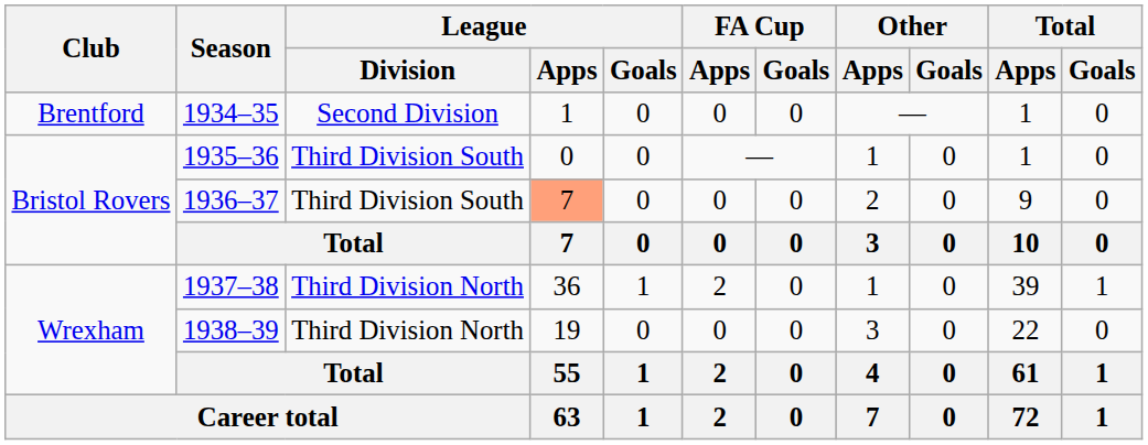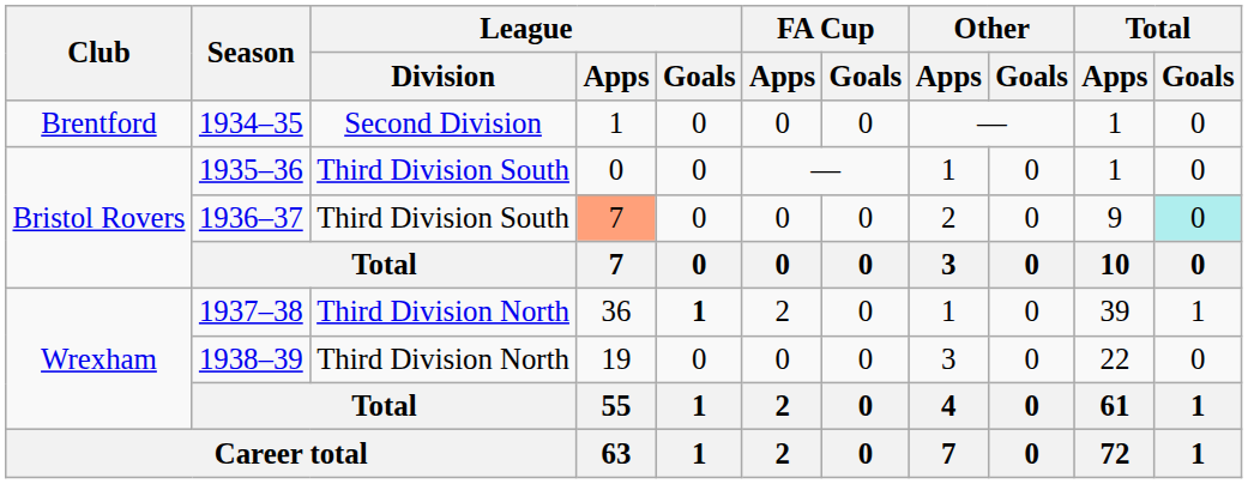 <table class="wikitable" style="text-align: center;">
 <tr>
 <th rowspan="2">Club</th>
 <th rowspan="2">Season</th>
 <th colspan="3">League</th>
 <th colspan="2">FA Cup</th>
 <th colspan="2">Other</th>
 <th colspan="2">Total</th>
 </tr>
 <tr>
 <th>Division</th>
 <th>Apps</th>
 <th>Goals</th>
 <th>Apps</th>
 <th>Goals</th>
 <th>Apps</th>
 <th>Goals</th>
 <th>Apps</th>
 <th>Goals</th>
 </tr>
 <tr>
 <td><a href='#'>Brentford</a></td>
 <td><a href='#'>1934–35</a></td>
 <td><a href='#'>Second Division</a></td>
 <td>1</td>
 <td>0</td>
 <td>0</td>
 <td>0</td>
 <td colspan="2">―</td>
 <td>1</td>
 <td>0</td>
 </tr>
 <tr>
 <td rowspan="3"><a href='#'>Bristol Rovers</a></td>
 <td><a href='#'>1935–36</a></td>
 <td><a href='#'>Third Division South</a></td>
 <td>0</td>
 <td>0</td>
 <td colspan="2">―</td>
 <td>1</td>
 <td>0</td>
 <td>1</td>
 <td>0</td>
 </tr>
 <tr>
 <td><a href='#'>1936–37</a></td>
 <td>Third Division South</td>
 <td style="background: lightsalmon;">7</td>
 <td>0</td>
 <td>0</td>
 <td>0</td>
 <td>2</td>
 <td>0</td>
 <td>9</td>
-<td>0</td>
+<td style="background: paleturquoise;">0</td>
 </tr>
 <tr>
 <th colspan="2">Total</th>
 <th>7</th>
 <th>0</th>
 <th>0</th>
 <th>0</th>
 <th>3</th>
 <th>0</th>
 <th>10</th>
 <th>0</th>
 </tr>
 <tr>
 <td rowspan="3"><a href='#'>Wrexham</a></td>
 <td><a href='#'>1937–38</a></td>
 <td><a href='#'>Third Division North</a></td>
 <td>36</td>
-<td>1</td>
+<td><strong>1</strong></td>
 <td>2</td>
 <td>0</td>
 <td>1</td>
 <td>0</td>
 <td>39</td>
 <td>1</td>
 </tr>
 <tr>
 <td><a href='#'>1938–39</a></td>
 <td>Third Division North</td>
 <td>19</td>
 <td>0</td>
 <td>0</td>
 <td>0</td>
 <td>3</td>
 <td>0</td>
 <td>22</td>
 <td>0</td>
 </tr>
 <tr>
 <th colspan="2">Total</th>
 <th>55</th>
 <th>1</th>
 <th>2</th>
 <th>0</th>
 <th>4</th>
 <th>0</th>
 <th>61</th>
 <th>1</th>
 </tr>
 <tr>
 <th colspan="3">Career total</th>
 <th>63</th>
 <th>1</th>
 <th>2</th>
 <th>0</th>
 <th>7</th>
 <th>0</th>
 <th>72</th>
 <th>1</th>
 </tr>
 </table>
